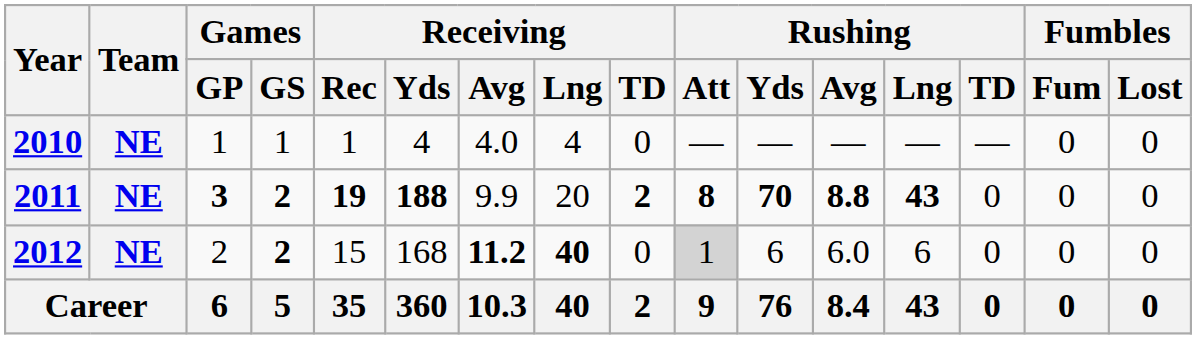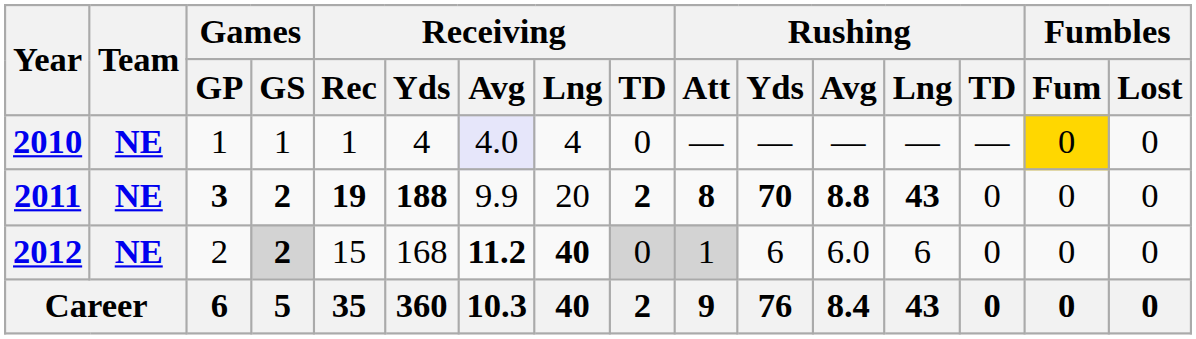 <table class="wikitable" style="text-align: center;">
 <tr>
 <th rowspan="2">Year</th>
 <th rowspan="2">Team</th>
 <th colspan="2">Games</th>
 <th colspan="5">Receiving</th>
 <th colspan="5">Rushing</th>
 <th colspan="2">Fumbles</th>
 </tr>
 <tr>
 <th>GP</th>
 <th>GS</th>
 <th>Rec</th>
 <th>Yds</th>
 <th>Avg</th>
 <th>Lng</th>
 <th>TD</th>
 <th>Att</th>
 <th>Yds</th>
 <th>Avg</th>
 <th>Lng</th>
 <th>TD</th>
 <th>Fum</th>
 <th>Lost</th>
 </tr>
 <tr>
 <th><a href='#'>2010</a></th>
 <th><a href='#'>NE</a></th>
 <td>1</td>
 <td>1</td>
 <td>1</td>
 <td>4</td>
-<td>4.0</td>
+<td style="background: lavender;">4.0</td>
 <td>4</td>
 <td>0</td>
 <td>—</td>
 <td>—</td>
 <td>—</td>
 <td>—</td>
 <td>—</td>
-<td>0</td>
+<td style="background: gold;">0</td>
 <td>0</td>
 </tr>
 <tr>
 <th><a href='#'>2011</a></th>
 <th><a href='#'>NE</a></th>
 <td><strong>3</strong></td>
 <td><strong>2</strong></td>
 <td><strong>19</strong></td>
 <td><strong>188</strong></td>
 <td>9.9</td>
 <td>20</td>
 <td><strong>2</strong></td>
 <td><strong>8</strong></td>
 <td><strong>70</strong></td>
 <td><strong>8.8</strong></td>
 <td><strong>43</strong></td>
 <td>0</td>
 <td>0</td>
 <td>0</td>
 </tr>
 <tr>
 <th><a href='#'>2012</a></th>
 <th><a href='#'>NE</a></th>
 <td>2</td>
-<td><strong>2</strong></td>
+<td style="background: lightgrey;"><strong>2</strong></td>
 <td>15</td>
 <td>168</td>
 <td><strong>11.2</strong></td>
 <td><strong>40</strong></td>
-<td>0</td>
+<td style="background: lightgrey;">0</td>
 <td style="background: lightgrey;">1</td>
 <td>6</td>
 <td>6.0</td>
 <td>6</td>
 <td>0</td>
 <td>0</td>
 <td>0</td>
 </tr>
 <tr>
 <th colspan="2">Career</th>
 <th>6</th>
 <th>5</th>
 <th>35</th>
 <th>360</th>
 <th>10.3</th>
 <th>40</th>
 <th>2</th>
 <th>9</th>
 <th>76</th>
 <th>8.4</th>
 <th>43</th>
 <th>0</th>
 <th>0</th>
 <th>0</th>
 </tr>
 </table>
